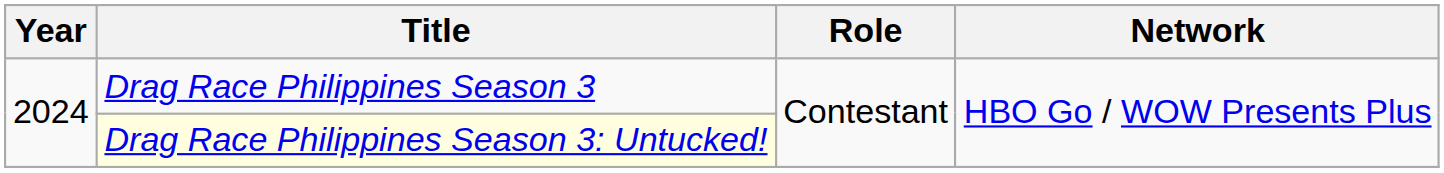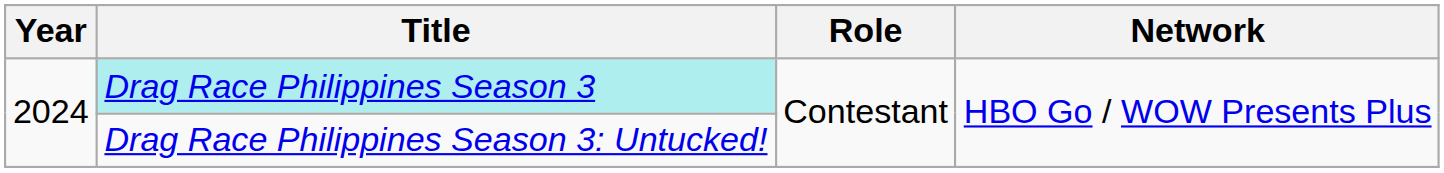 <table class="wikitable sortable">
 <tr>
 <th>Year</th>
 <th>Title</th>
 <th>Role</th>
 <th>Network</th>
 </tr>
 <tr>
 <td rowspan="2">2024</td>
-<td><em><a href='#'>Drag Race Philippines Season 3</a></em></td>
+<td style="background: paleturquoise;"><em><a href='#'>Drag Race Philippines Season 3</a></em></td>
 <td rowspan="2">Contestant</td>
 <td rowspan="2"><a href='#'>HBO Go</a> / <a href='#'>WOW Presents Plus</a></td>
 </tr>
 <tr>
-<td style="background: lightyellow;"><em><a href='#'>Drag Race Philippines Season 3: Untucked!</a></em></td>
+<td><em><a href='#'>Drag Race Philippines Season 3: Untucked!</a></em></td>
 </tr>
 </table>
